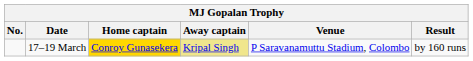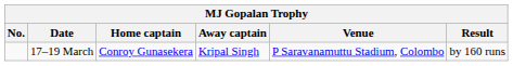 <table class="wikitable">
 <tr>
 <th colspan="9">MJ Gopalan Trophy</th>
 </tr>
 <tr>
 <th>No.</th>
 <th>Date</th>
 <th>Home captain</th>
 <th>Away captain</th>
 <th>Venue</th>
 <th>Result</th>
 </tr>
 <tr>
 <td></td>
 <td>17–19 March</td>
-<td style="background: gold;"><a href='#'>Conroy Gunasekera</a></td>
-<td style="background: khaki;"><a href='#'>Kripal Singh</a></td>
+<td><a href='#'>Conroy Gunasekera</a></td>
+<td><a href='#'>Kripal Singh</a></td>
 <td><a href='#'>P Saravanamuttu Stadium</a>, <a href='#'>Colombo</a></td>
 <td> by 160 runs</td>
 </tr>
 </table>
